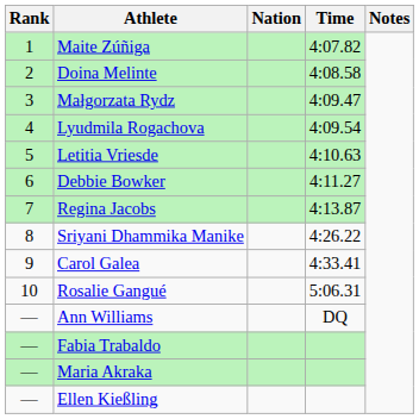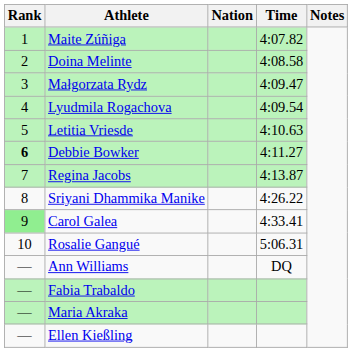 <table class="wikitable sortable" style="text-align:center">
 <tr>
 <th>Rank</th>
 <th>Athlete</th>
 <th>Nation</th>
 <th>Time</th>
 <th>Notes</th>
 </tr>
 <tr style="background:#bbf3bb;">
 <td>1</td>
 <td align=left><a href='#'>Maite Zúñiga</a></td>
 <td align=left></td>
 <td>4:07.82</td>
 </tr>
 <tr style="background:#bbf3bb;">
 <td>2</td>
 <td align=left><a href='#'>Doina Melinte</a></td>
 <td align=left></td>
 <td>4:08.58</td>
 </tr>
 <tr style="background:#bbf3bb;">
 <td>3</td>
 <td align=left><a href='#'>Małgorzata Rydz</a></td>
 <td align=left></td>
 <td>4:09.47</td>
 </tr>
 <tr style="background:#bbf3bb;">
 <td>4</td>
 <td align=left><a href='#'>Lyudmila Rogachova</a></td>
 <td align=left></td>
 <td>4:09.54</td>
 </tr>
 <tr style="background:#bbf3bb;">
 <td>5</td>
 <td align=left><a href='#'>Letitia Vriesde</a></td>
 <td align=left></td>
 <td>4:10.63</td>
 </tr>
 <tr style="background:#bbf3bb;">
-<td>6</td>
+<td><strong>6</strong></td>
 <td align=left><a href='#'>Debbie Bowker</a></td>
 <td align=left></td>
 <td>4:11.27</td>
 </tr>
 <tr style="background:#bbf3bb;">
 <td>7</td>
 <td align=left><a href='#'>Regina Jacobs</a></td>
 <td align=left></td>
 <td>4:13.87</td>
 </tr>
 <tr>
 <td>8</td>
 <td align=left><a href='#'>Sriyani Dhammika Manike</a></td>
 <td align=left></td>
 <td>4:26.22</td>
 </tr>
 <tr>
-<td>9</td>
+<td style="background: lightgreen;">9</td>
 <td align=left><a href='#'>Carol Galea</a></td>
 <td align=left></td>
 <td>4:33.41</td>
 </tr>
 <tr>
 <td>10</td>
 <td align=left><a href='#'>Rosalie Gangué</a></td>
 <td align=left></td>
 <td>5:06.31</td>
 </tr>
 <tr>
 <td>—</td>
 <td align=left><a href='#'>Ann Williams</a></td>
 <td align=left></td>
 <td>DQ</td>
 </tr>
 <tr style="background:#bbf3bb;">
 <td>—</td>
 <td align=left><a href='#'>Fabia Trabaldo</a></td>
 <td align=left></td>
 <td></td>
 </tr>
 <tr style="background:#bbf3bb;">
 <td>—</td>
 <td align=left><a href='#'>Maria Akraka</a></td>
 <td align=left></td>
 <td></td>
 </tr>
 <tr>
 <td>—</td>
 <td align=left><a href='#'>Ellen Kießling</a></td>
 <td align=left></td>
 <td></td>
 </tr>
 </table>
